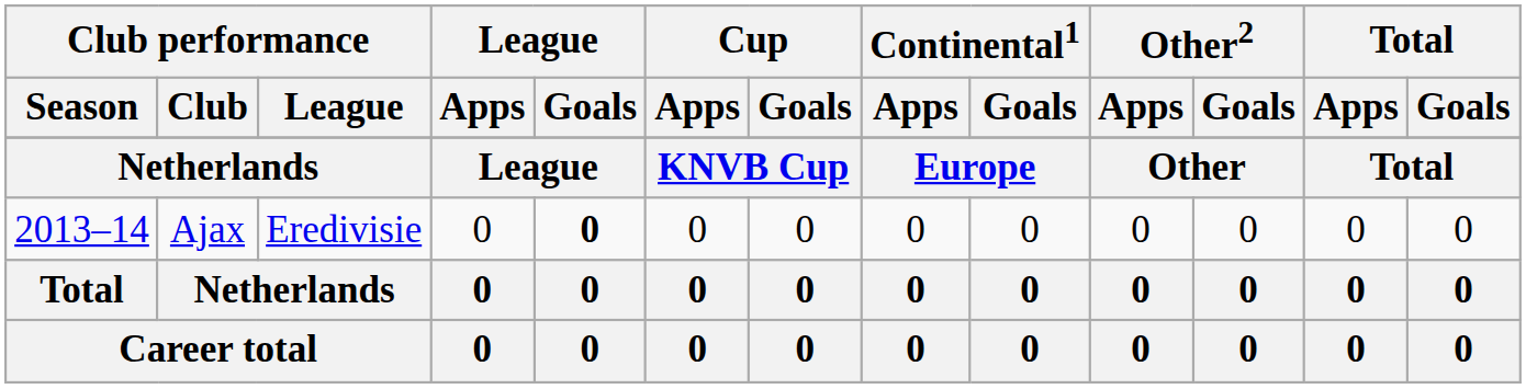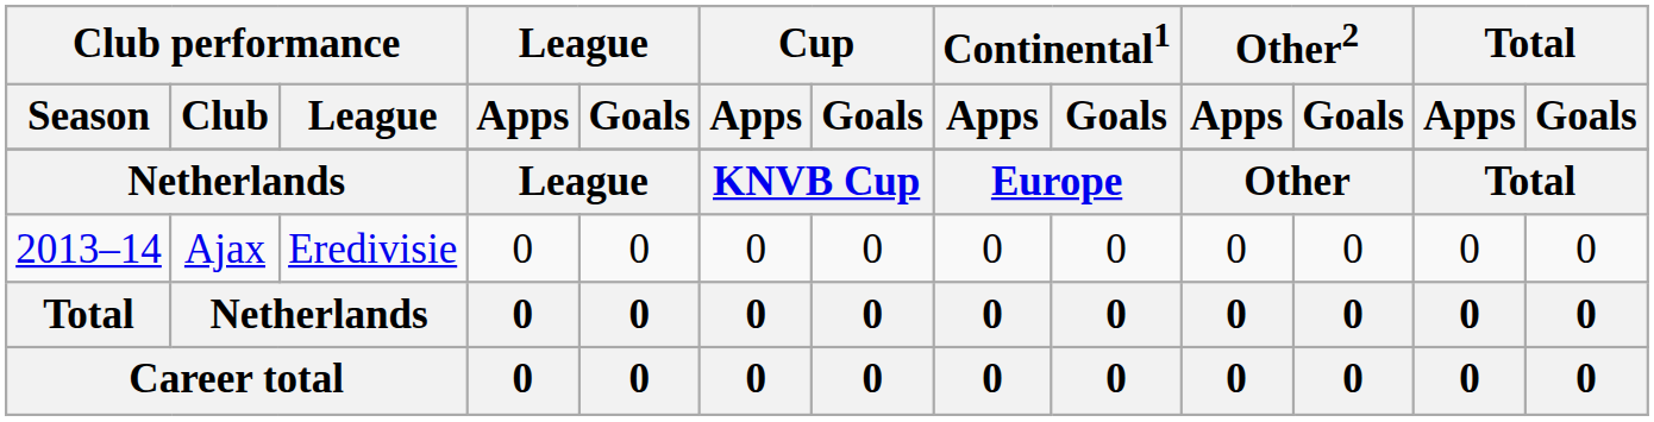 <table class="wikitable" style="text-align:center">
 <tr>
 <th colspan=3>Club performance</th>
 <th colspan=2>League</th>
 <th colspan=2>Cup</th>
 <th colspan=2>Continental<sup>1</sup></th>
 <th colspan=2>Other<sup>2</sup></th>
 <th colspan=2>Total</th>
 </tr>
 <tr>
 <th>Season</th>
 <th>Club</th>
 <th>League</th>
 <th>Apps</th>
 <th>Goals</th>
 <th>Apps</th>
 <th>Goals</th>
 <th>Apps</th>
 <th>Goals</th>
 <th>Apps</th>
 <th>Goals</th>
 <th>Apps</th>
 <th>Goals</th>
 </tr>
 <tr>
 </tr>
 <tr>
 <th colspan=3>Netherlands</th>
 <th colspan=2>League</th>
 <th colspan=2><a href='#'>KNVB Cup</a></th>
 <th colspan=2><a href='#'>Europe</a></th>
 <th colspan=2>Other</th>
 <th colspan=2>Total</th>
 </tr>
 <tr>
 <td><a href='#'>2013–14</a></td>
 <td rowspan="1"><a href='#'>Ajax</a></td>
 <td rowspan="1"><a href='#'>Eredivisie</a></td>
 <td>0</td>
-<td><strong>0</strong></td>
+<td>0</td>
 <td>0</td>
 <td>0</td>
 <td>0</td>
 <td>0</td>
 <td>0</td>
 <td>0</td>
 <td>0</td>
 <td>0</td>
 </tr>
 <tr>
 <th rowspan=1>Total</th>
 <th colspan=2>Netherlands</th>
 <th>0</th>
 <th>0</th>
 <th>0</th>
 <th>0</th>
 <th>0</th>
 <th>0</th>
 <th>0</th>
 <th>0</th>
 <th>0</th>
 <th>0</th>
 </tr>
 <tr>
 <th colspan=3>Career total</th>
 <th>0</th>
 <th>0</th>
 <th>0</th>
 <th>0</th>
 <th>0</th>
 <th>0</th>
 <th>0</th>
 <th>0</th>
 <th>0</th>
 <th>0</th>
 </tr>
 </table>
